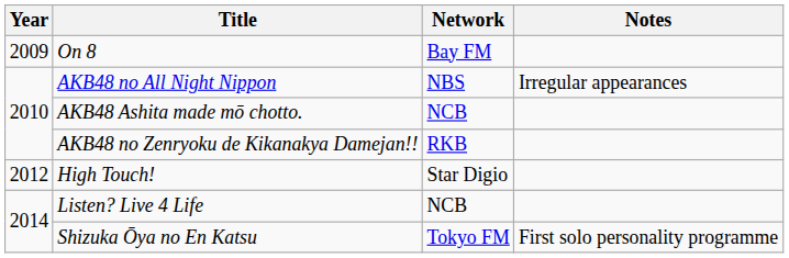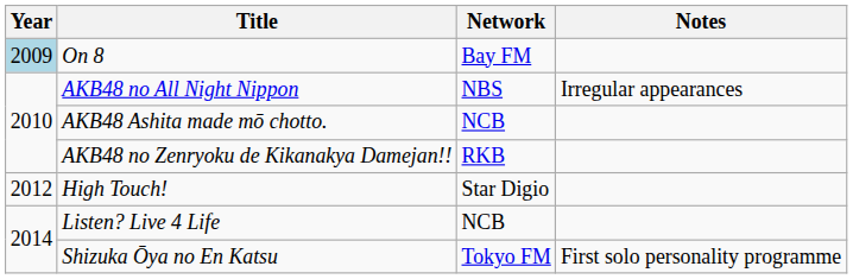 <table class="wikitable">
 <tr>
 <th>Year</th>
 <th>Title</th>
 <th>Network</th>
 <th>Notes</th>
 </tr>
 <tr>
-<td>2009</td>
+<td style="background: lightblue;">2009</td>
 <td><em>On 8</em></td>
 <td><a href='#'>Bay FM</a></td>
 <td></td>
 </tr>
 <tr>
 <td rowspan="3">2010</td>
 <td><em><a href='#'>AKB48 no All Night Nippon</a></em></td>
 <td><a href='#'>NBS</a></td>
 <td>Irregular appearances</td>
 </tr>
 <tr>
 <td><em>AKB48 Ashita made mō chotto.</em></td>
 <td><a href='#'>NCB</a></td>
 <td></td>
 </tr>
 <tr>
 <td><em>AKB48 no Zenryoku de Kikanakya Damejan!!</em></td>
 <td><a href='#'>RKB</a></td>
 <td></td>
 </tr>
 <tr>
 <td>2012</td>
 <td><em>High Touch!</em></td>
 <td>Star Digio</td>
 <td></td>
 </tr>
 <tr>
 <td rowspan="2">2014</td>
 <td><em>Listen? Live 4 Life</em></td>
 <td>NCB</td>
 <td></td>
 </tr>
 <tr>
 <td><em>Shizuka Ōya no En Katsu</em></td>
 <td><a href='#'>Tokyo FM</a></td>
 <td>First solo personality programme</td>
 </tr>
 </table>
